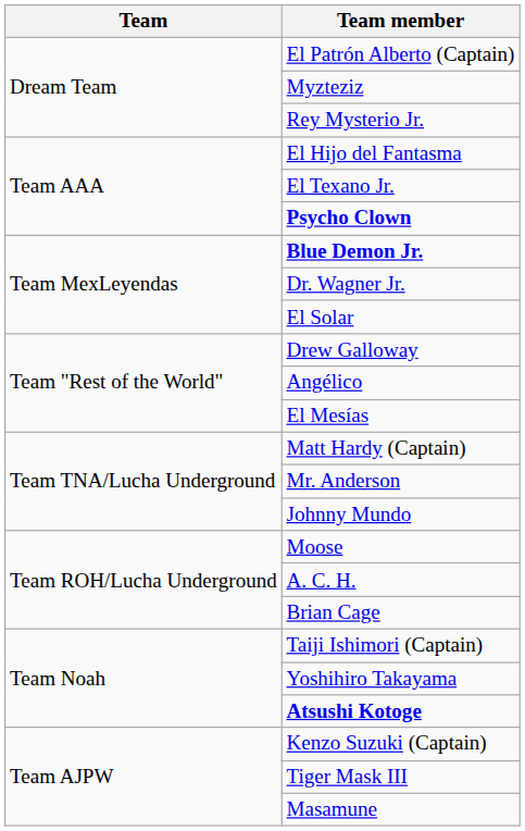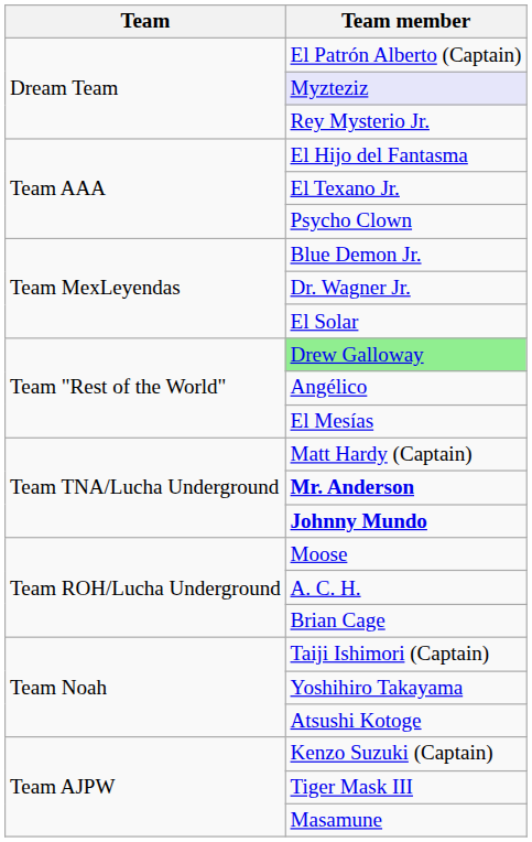 <table class="wikitable sortable">
 <tr>
 <th>Team</th>
 <th>Team member</th>
 </tr>
 <tr>
 <td rowspan=3>Dream Team</td>
 <td><a href='#'>El Patrón Alberto</a> (Captain)</td>
 </tr>
 <tr>
-<td><a href='#'>Myzteziz</a></td>
+<td style="background: lavender;"><a href='#'>Myzteziz</a></td>
 </tr>
 <tr>
 <td><a href='#'>Rey Mysterio Jr.</a></td>
 </tr>
 <tr>
 <td rowspan=3>Team AAA</td>
 <td><a href='#'>El Hijo del Fantasma</a></td>
 </tr>
 <tr>
 <td><a href='#'>El Texano Jr.</a></td>
 </tr>
 <tr>
-<td><strong><a href='#'>Psycho Clown</a></strong></td>
+<td><a href='#'>Psycho Clown</a></td>
 </tr>
 <tr>
 <td rowspan=3>Team MexLeyendas</td>
-<td><strong><a href='#'>Blue Demon Jr.</a></strong></td>
+<td><a href='#'>Blue Demon Jr.</a></td>
 </tr>
 <tr>
 <td><a href='#'>Dr. Wagner Jr.</a></td>
 </tr>
 <tr>
 <td><a href='#'>El Solar</a></td>
 </tr>
 <tr>
 <td rowspan=3>Team "Rest of the World"</td>
-<td><a href='#'>Drew Galloway</a></td>
+<td style="background: lightgreen;"><a href='#'>Drew Galloway</a></td>
 </tr>
 <tr>
 <td><a href='#'>Angélico</a></td>
 </tr>
 <tr>
 <td><a href='#'>El Mesías</a></td>
 </tr>
 <tr>
 <td rowspan=3>Team TNA/Lucha Underground</td>
 <td><a href='#'>Matt Hardy</a> (Captain)</td>
 </tr>
 <tr>
-<td><a href='#'>Mr. Anderson</a></td>
+<td><strong><a href='#'>Mr. Anderson</a></strong></td>
 </tr>
 <tr>
-<td><a href='#'>Johnny Mundo</a></td>
+<td><strong><a href='#'>Johnny Mundo</a></strong></td>
 </tr>
 <tr>
 <td rowspan=3>Team ROH/Lucha Underground</td>
 <td><a href='#'>Moose</a></td>
 </tr>
 <tr>
 <td><a href='#'>A. C. H.</a></td>
 </tr>
 <tr>
 <td><a href='#'>Brian Cage</a></td>
 </tr>
 <tr>
 <td rowspan=3>Team Noah</td>
 <td><a href='#'>Taiji Ishimori</a> (Captain)</td>
 </tr>
 <tr>
 <td><a href='#'>Yoshihiro Takayama</a></td>
 </tr>
 <tr>
-<td><strong><a href='#'>Atsushi Kotoge</a></strong></td>
+<td><a href='#'>Atsushi Kotoge</a></td>
 </tr>
 <tr>
 <td rowspan=3>Team AJPW</td>
 <td><a href='#'>Kenzo Suzuki</a> (Captain)</td>
 </tr>
 <tr>
 <td><a href='#'>Tiger Mask III</a></td>
 </tr>
 <tr>
 <td><a href='#'>Masamune</a></td>
 </tr>
 </table>
